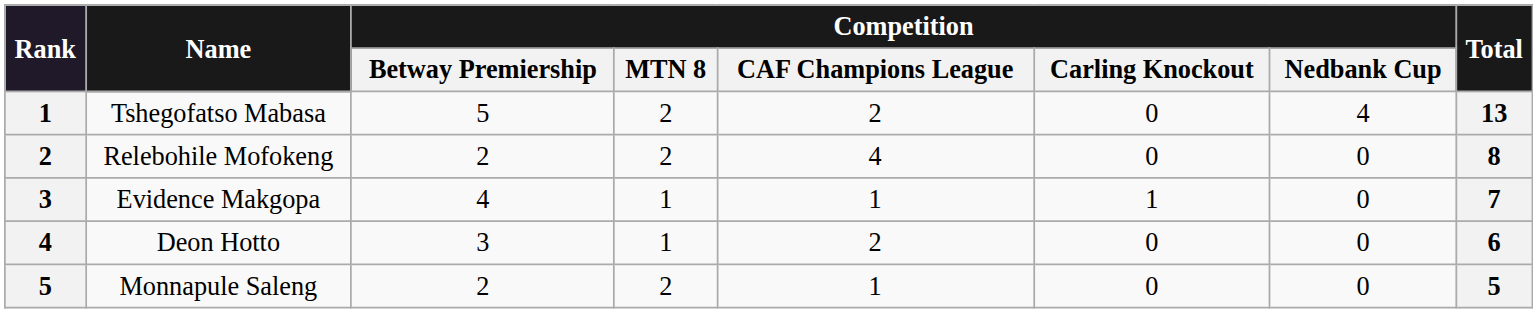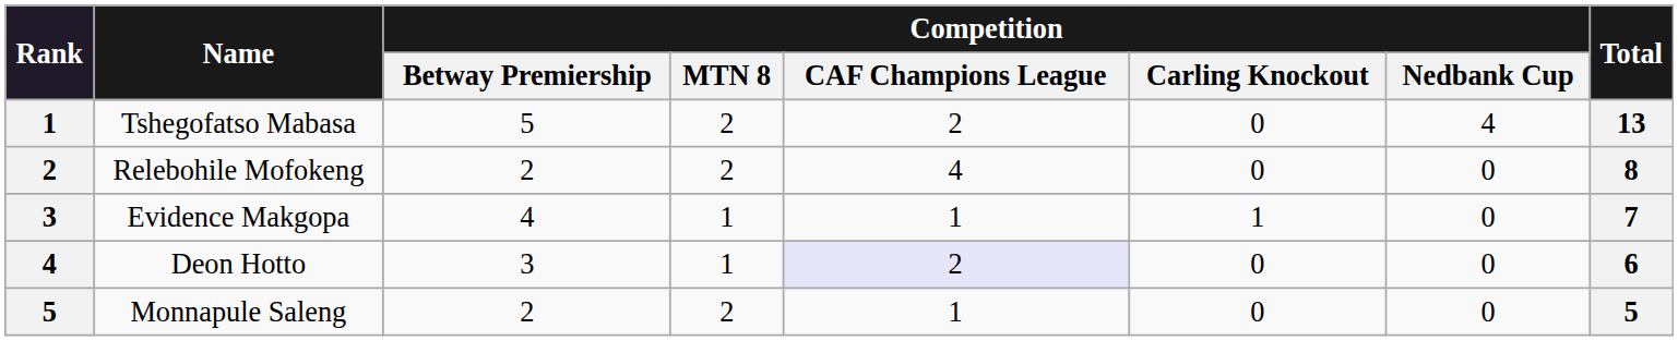 <table class="wikitable sortable" style="text-align:center;font-size:95%;width:100%">
 <tr>
 <th rowspan="2" style="background:#201929;color:white;text-align:center;">Rank</th>
 <th rowspan="2" style="background:#191919;color:white;text-align:center;">Name</th>
 <th colspan="5" style="background:#191919;color:white;text-align:center;">Competition</th>
 <th rowspan="2" style="background:#191919;color:white;text-align:center;">Total</th>
 </tr>
 <tr>
 <th>Betway Premiership</th>
 <th>MTN 8</th>
 <th>CAF Champions League</th>
 <th>Carling Knockout</th>
 <th>Nedbank Cup</th>
 </tr>
 <tr>
 <th>1</th>
 <td>Tshegofatso Mabasa</td>
 <td>5</td>
 <td>2</td>
 <td>2</td>
 <td>0</td>
 <td>4</td>
 <th>13</th>
 </tr>
 <tr>
 <th>2</th>
 <td>Relebohile Mofokeng</td>
 <td>2</td>
 <td>2</td>
 <td>4</td>
 <td>0</td>
 <td>0</td>
 <th>8</th>
 </tr>
 <tr>
 <th>3</th>
 <td>Evidence Makgopa</td>
 <td>4</td>
 <td>1</td>
 <td>1</td>
 <td>1</td>
 <td>0</td>
 <th>7</th>
 </tr>
 <tr>
 <th>4</th>
 <td>Deon Hotto</td>
 <td>3</td>
 <td>1</td>
-<td>2</td>
+<td style="background: lavender;">2</td>
 <td>0</td>
 <td>0</td>
 <th>6</th>
 </tr>
 <tr>
 <th>5</th>
 <td>Monnapule Saleng</td>
 <td>2</td>
 <td>2</td>
 <td>1</td>
 <td>0</td>
 <td>0</td>
 <th>5</th>
 </tr>
 </table>
